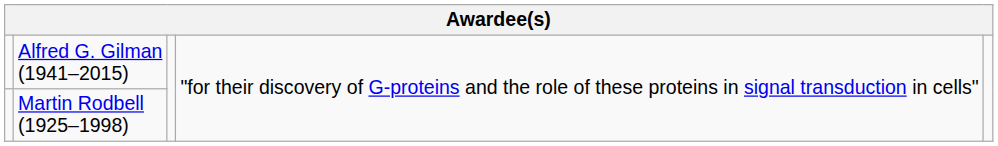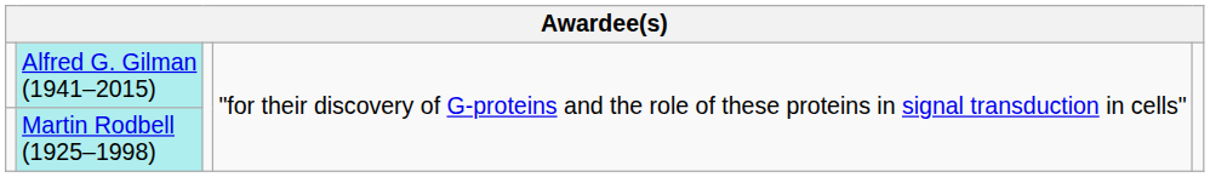 <table class="wikitable">
 <tr>
 <th colspan="5">Awardee(s)</th>
 </tr>
 <tr>
 <td></td>
-<td><a href='#'>Alfred G. Gilman</a><br>(1941–2015)</td>
+<td style="background: paleturquoise;"><a href='#'>Alfred G. Gilman</a><br>(1941–2015)</td>
 <td rowspan="2"></td>
 <td rowspan="2">"for their discovery of <a href='#'>G-proteins</a> and the role of these proteins in <a href='#'>signal transduction</a> in cells"</td>
 <td rowspan="2"></td>
 </tr>
 <tr>
 <td></td>
-<td><a href='#'>Martin Rodbell</a><br>(1925–1998)</td>
+<td style="background: paleturquoise;"><a href='#'>Martin Rodbell</a><br>(1925–1998)</td>
 </tr>
 </table>
